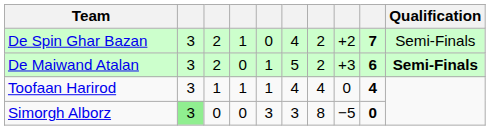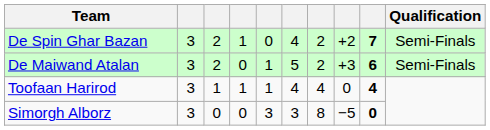 <table class="wikitable" style="text-align:center">
 <tr>
 <th width="175">Team</th>
 <th width="20"></th>
 <th width="20"></th>
 <th width="20"></th>
 <th width="20"></th>
 <th width="20"></th>
 <th width="20"></th>
 <th width="20"></th>
 <th width="20"></th>
 <th width="20">Qualification</th>
 </tr>
 <tr bgcolor="#ccffcc">
 <td align=left><a href='#'>De Spin Ghar Bazan</a></td>
 <td>3</td>
 <td>2</td>
 <td>1</td>
 <td>0</td>
 <td>4</td>
 <td>2</td>
 <td>+2</td>
 <td><strong>7</strong></td>
 <td>Semi-Finals</td>
 </tr>
 <tr bgcolor="#ccffcc">
 <td align=left><a href='#'>De Maiwand Atalan</a></td>
 <td>3</td>
 <td>2</td>
 <td>0</td>
 <td>1</td>
 <td>5</td>
 <td>2</td>
 <td>+3</td>
 <td><strong>6</strong></td>
-<td><strong>Semi-Finals</strong></td>
+<td>Semi-Finals</td>
 </tr>
 <tr>
 <td align=left><a href='#'>Toofaan Harirod</a></td>
 <td>3</td>
 <td>1</td>
 <td>1</td>
 <td>1</td>
 <td>4</td>
 <td>4</td>
 <td>0</td>
 <td><strong>4</strong></td>
 </tr>
 <tr>
 <td align=left><a href='#'>Simorgh Alborz</a></td>
-<td style="background: lightgreen;">3</td>
+<td>3</td>
 <td>0</td>
 <td>0</td>
 <td>3</td>
 <td>3</td>
 <td>8</td>
 <td>−5</td>
 <td><strong>0</strong></td>
 </tr>
 </table>
